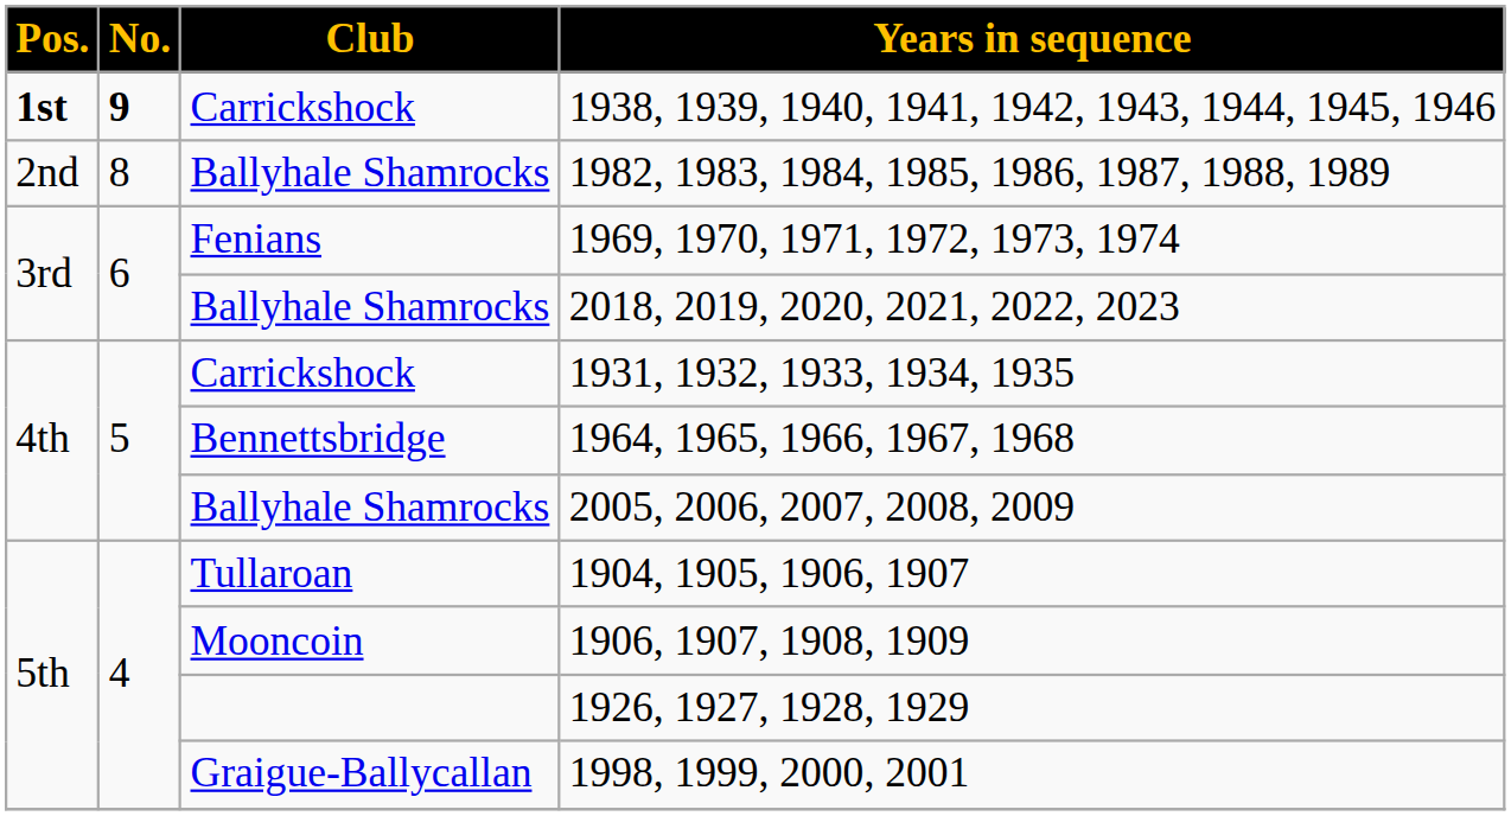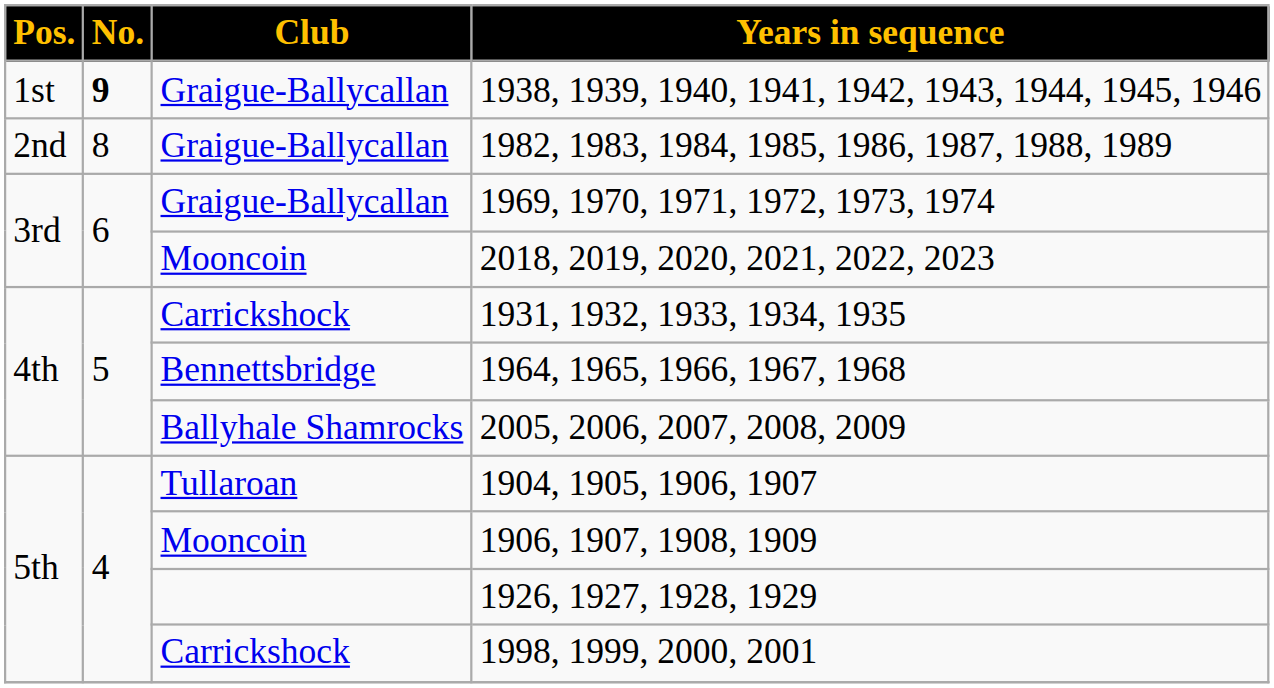 <table class="wikitable">
 <tr>
 <th style="background:black;color:#FFC000;">Pos.</th>
 <th style="background:black;color:#FFC000;">No.</th>
 <th style="background:black;color:#FFC000;">Club</th>
 <th style="background:black;color:#FFC000;">Years in sequence</th>
 </tr>
 <tr>
-<td><strong>1st</strong></td>
+<td>1st</td>
 <td><strong>9</strong></td>
-<td><a href='#'>Carrickshock</a></td>
+<td><a href='#'>Graigue-Ballycallan</a></td>
 <td>1938, 1939, 1940, 1941, 1942, 1943, 1944, 1945, 1946</td>
 </tr>
 <tr>
 <td>2nd</td>
 <td>8</td>
-<td><a href='#'>Ballyhale Shamrocks</a></td>
+<td><a href='#'>Graigue-Ballycallan</a></td>
 <td>1982, 1983, 1984, 1985, 1986, 1987, 1988, 1989</td>
 </tr>
 <tr>
 <td rowspan=2>3rd</td>
 <td rowspan=2>6</td>
-<td><a href='#'>Fenians</a></td>
+<td><a href='#'>Graigue-Ballycallan</a></td>
 <td>1969, 1970, 1971, 1972, 1973, 1974</td>
 </tr>
 <tr>
-<td><a href='#'>Ballyhale Shamrocks</a></td>
+<td><a href='#'>Mooncoin</a></td>
 <td>2018, 2019, 2020, 2021, 2022, 2023</td>
 </tr>
 <tr>
 <td rowspan=3>4th</td>
 <td rowspan=3>5</td>
 <td><a href='#'>Carrickshock</a></td>
 <td>1931, 1932, 1933, 1934, 1935</td>
 </tr>
 <tr>
 <td><a href='#'>Bennettsbridge</a></td>
 <td>1964, 1965, 1966, 1967, 1968</td>
 </tr>
 <tr>
 <td><a href='#'>Ballyhale Shamrocks</a></td>
 <td>2005, 2006, 2007, 2008, 2009</td>
 </tr>
 <tr>
 <td rowspan=4>5th</td>
 <td rowspan=4>4</td>
 <td><a href='#'>Tullaroan</a></td>
 <td>1904, 1905, 1906, 1907</td>
 </tr>
 <tr>
 <td><a href='#'>Mooncoin</a></td>
 <td>1906, 1907, 1908, 1909</td>
 </tr>
 <tr>
 <td></td>
 <td>1926, 1927, 1928, 1929</td>
 </tr>
 <tr>
-<td><a href='#'>Graigue-Ballycallan</a></td>
+<td><a href='#'>Carrickshock</a></td>
 <td>1998, 1999, 2000, 2001</td>
 </tr>
 <tr>
 </tr>
 </table>
